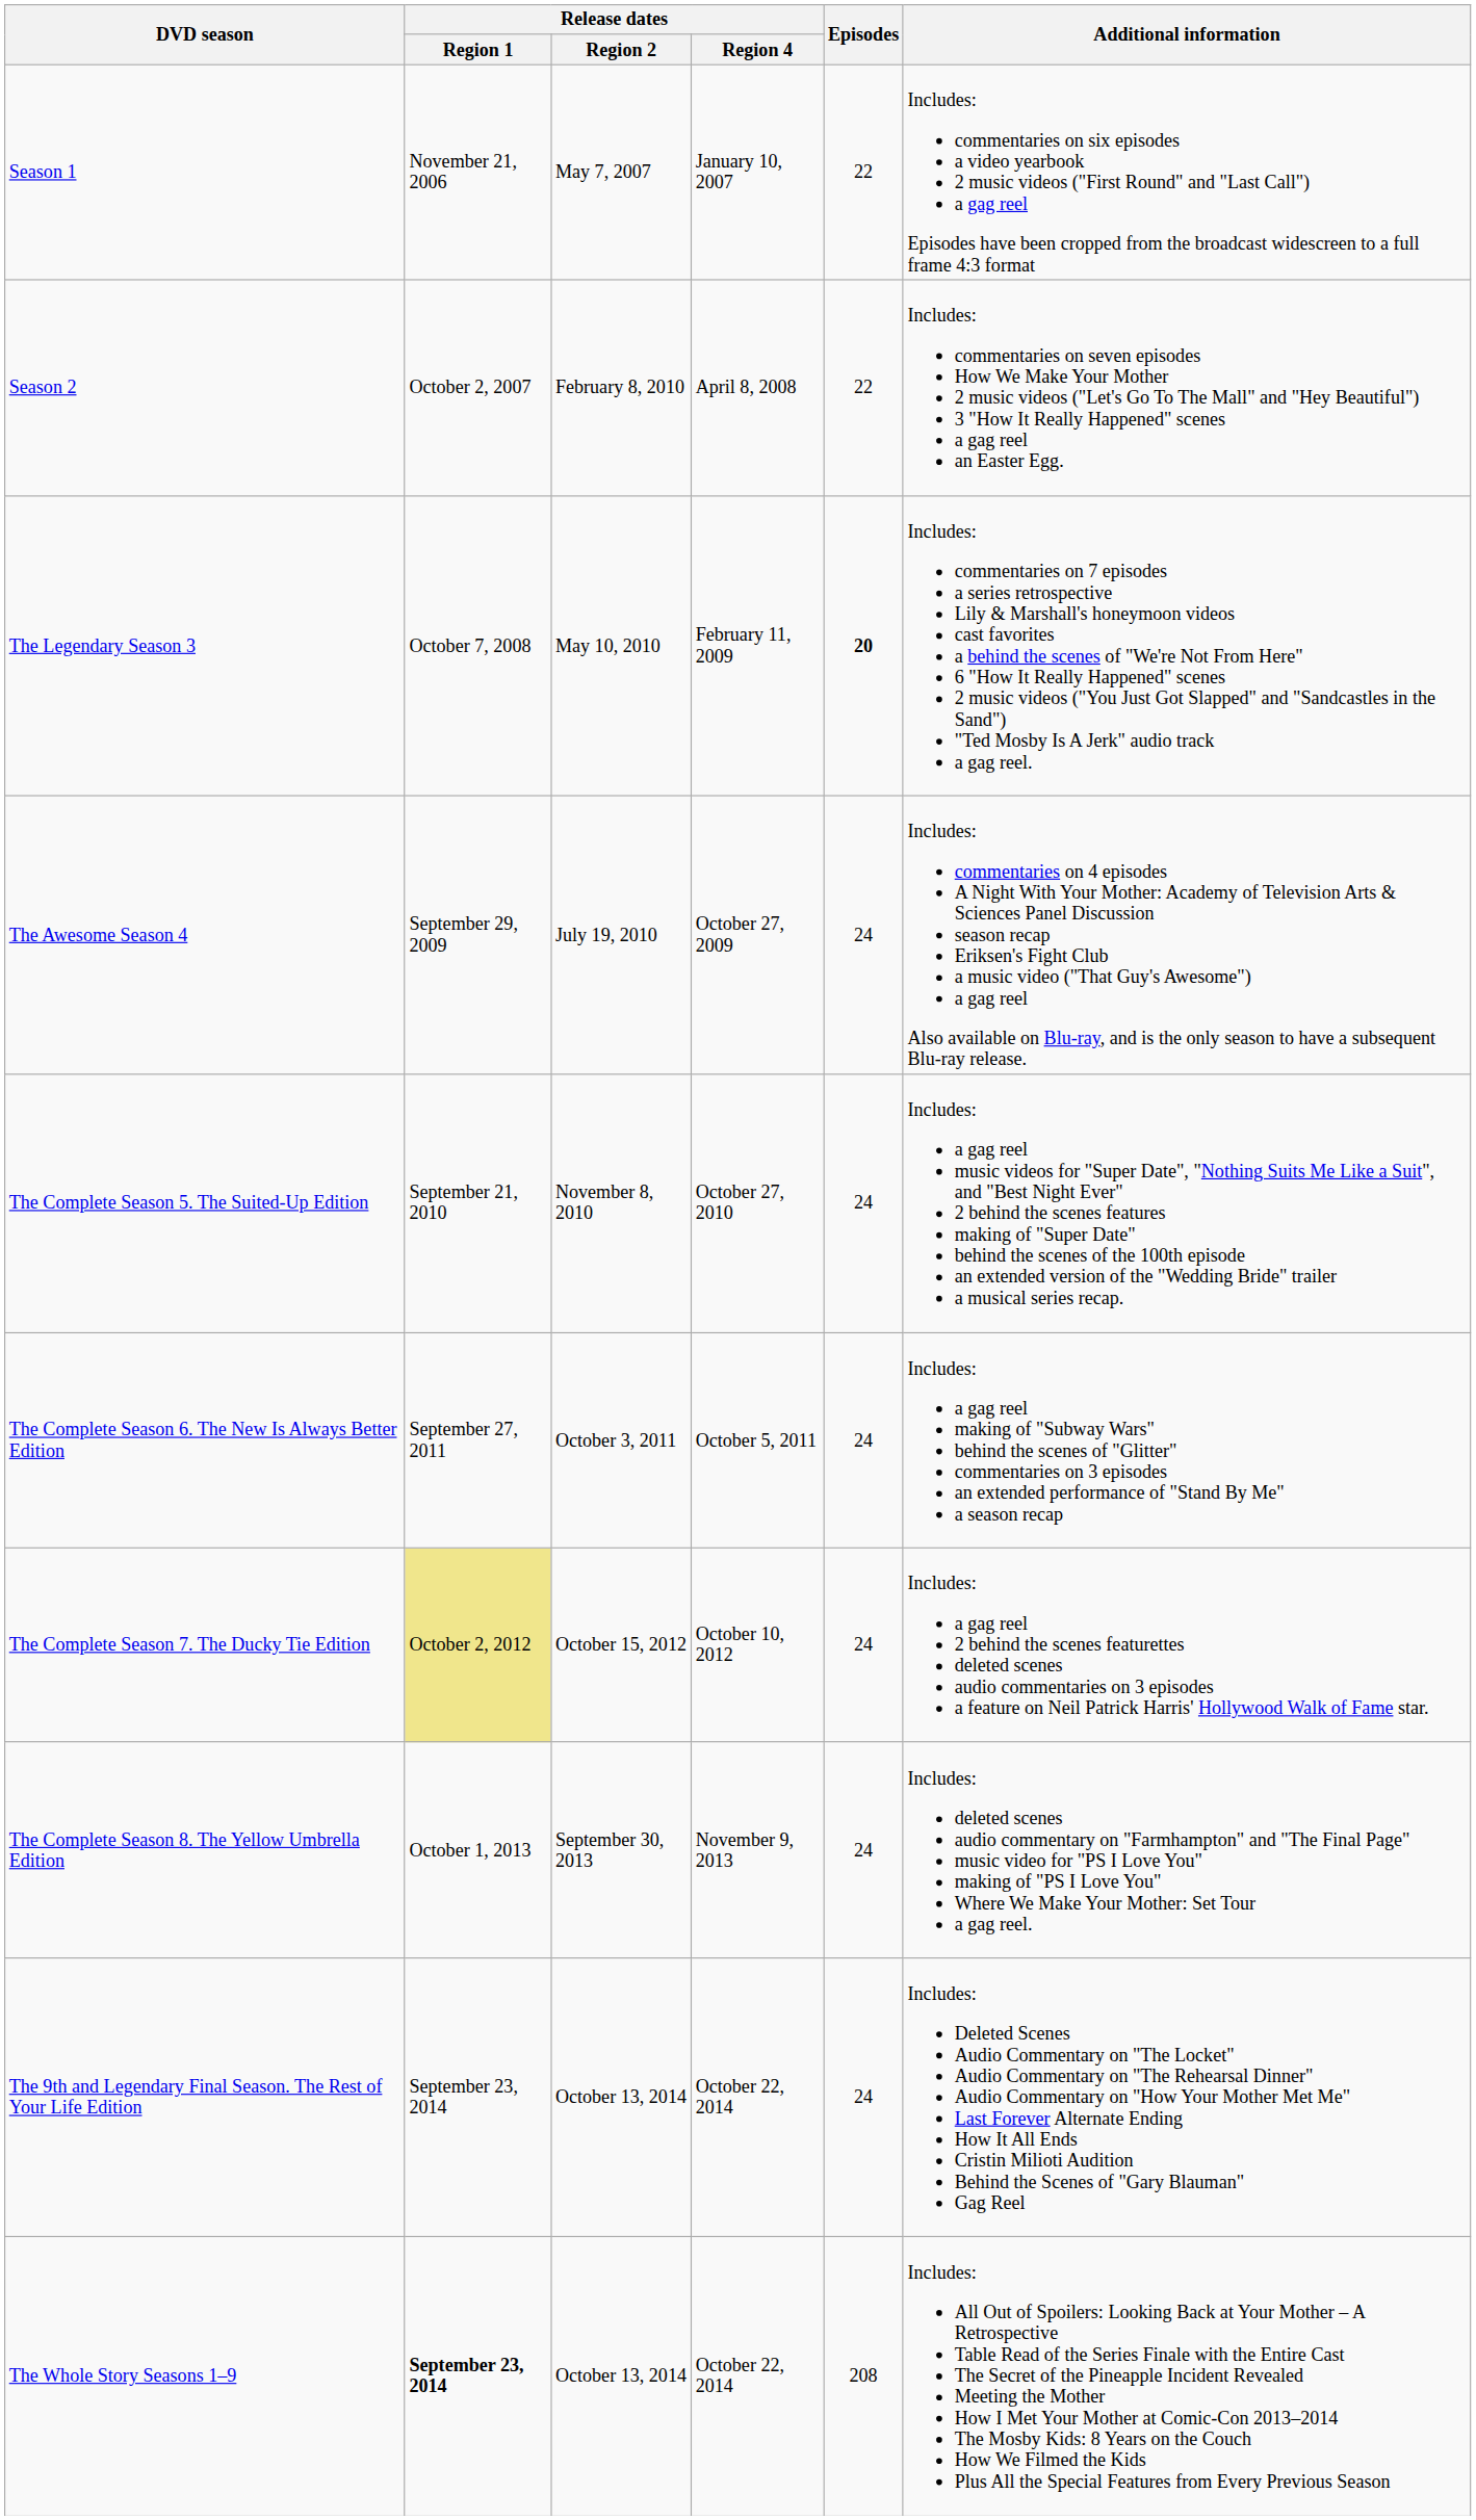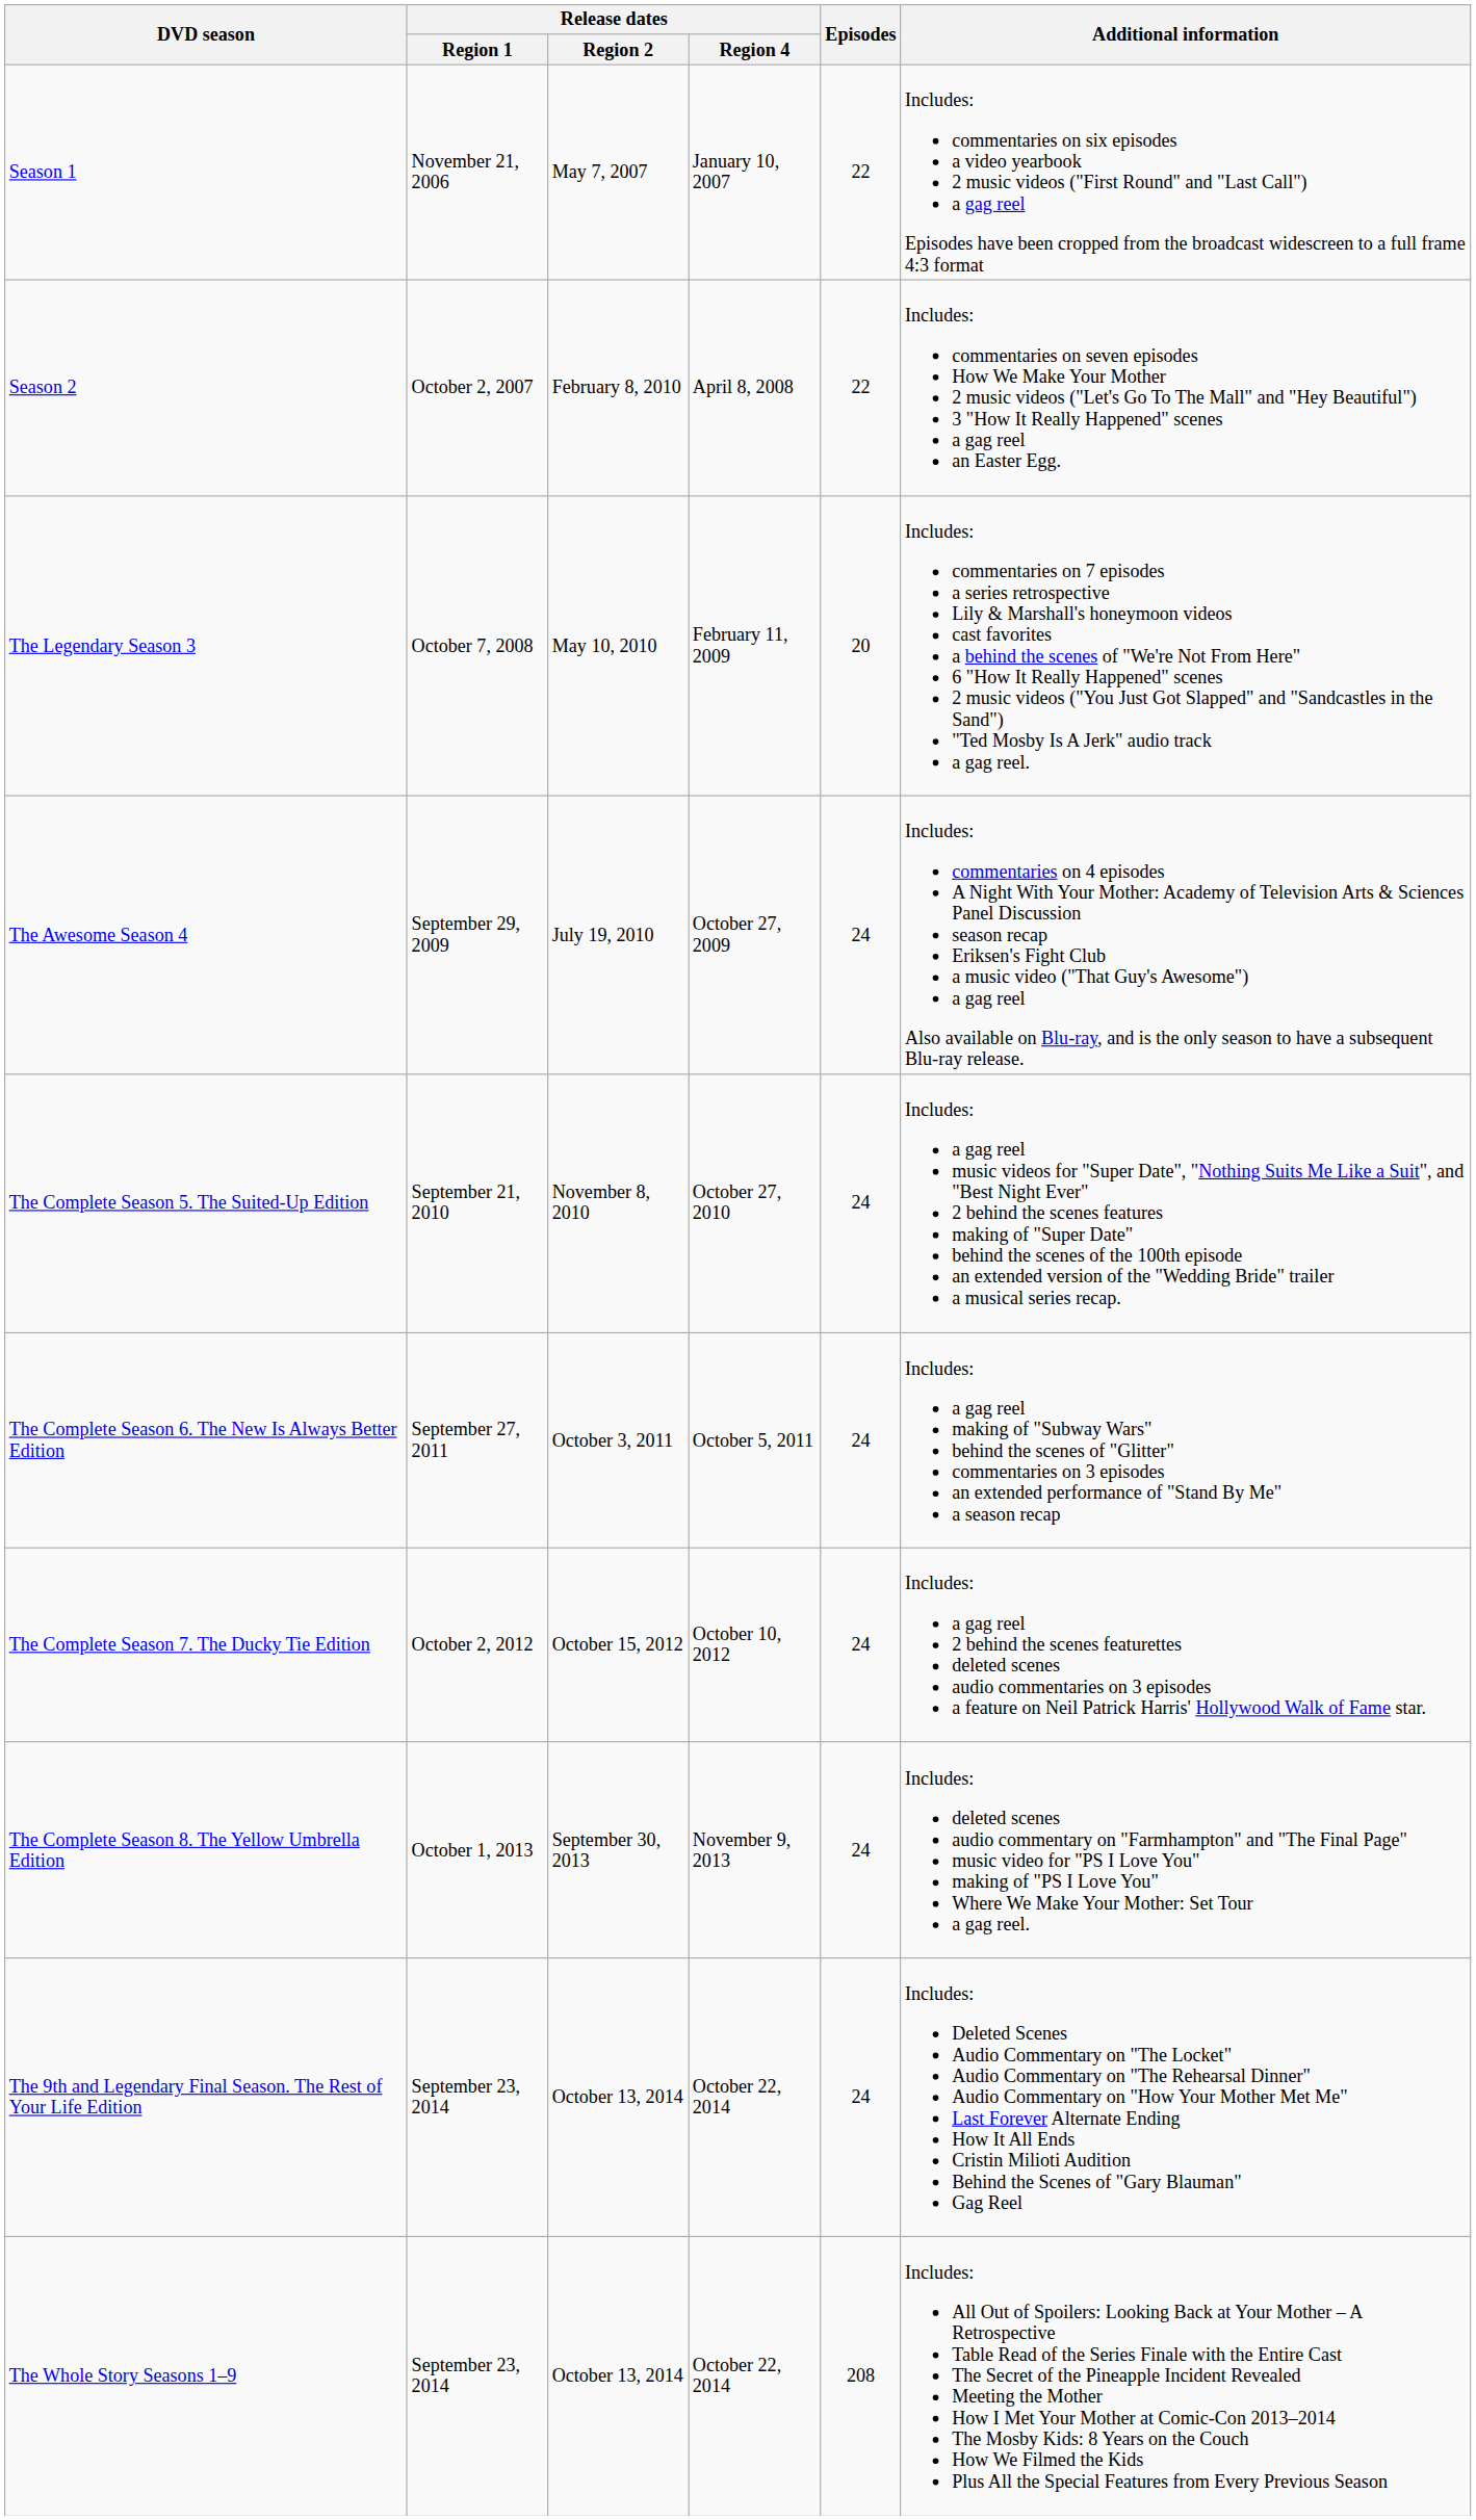 <table class="wikitable">
 <tr>
 <th rowspan=2>DVD season</th>
 <th colspan=3>Release dates</th>
 <th rowspan=2>Episodes</th>
 <th rowspan=2>Additional information</th>
 </tr>
 <tr>
 <th>Region 1</th>
 <th>Region 2</th>
 <th>Region 4</th>
 </tr>
 <tr>
 <td><a href='#'>Season 1</a></td>
 <td>November 21, 2006</td>
 <td>May 7, 2007</td>
 <td>January 10, 2007</td>
 <td style="text-align:center;">22</td>
 <td><br>Includes:<ul><li>commentaries on six episodes</li><li>a video yearbook</li><li>2 music videos ("First Round" and "Last Call")</li><li>a <a href='#'>gag reel</a></li></ul>Episodes have been cropped from the broadcast widescreen to a full frame 4:3 format</td>
 </tr>
 <tr>
 <td><a href='#'>Season 2</a></td>
 <td>October 2, 2007</td>
 <td>February 8, 2010</td>
 <td>April 8, 2008</td>
 <td style="text-align:center;">22</td>
 <td><br>Includes:<ul><li>commentaries on seven episodes</li><li>How We Make Your Mother</li><li>2 music videos ("Let's Go To The Mall" and "Hey Beautiful")</li><li>3 "How It Really Happened" scenes</li><li>a gag reel</li><li>an Easter Egg.</li></ul></td>
 </tr>
 <tr>
 <td><a href='#'>The Legendary Season 3</a></td>
 <td>October 7, 2008</td>
 <td>May 10, 2010</td>
 <td>February 11, 2009</td>
-<td style="text-align:center;"><strong>20</strong></td>
+<td style="text-align:center;">20</td>
 <td><br>Includes:<ul><li>commentaries on 7 episodes</li><li>a series retrospective</li><li>Lily & Marshall's honeymoon videos</li><li>cast favorites</li><li>a <a href='#'>behind the scenes</a> of "We're Not From Here"</li><li>6 "How It Really Happened" scenes</li><li>2 music videos ("You Just Got Slapped" and "Sandcastles in the Sand")</li><li>"Ted Mosby Is A Jerk" audio track</li><li>a gag reel.</li></ul></td>
 </tr>
 <tr>
 <td><a href='#'>The Awesome Season 4</a></td>
 <td>September 29, 2009</td>
 <td>July 19, 2010</td>
 <td>October 27, 2009</td>
 <td style="text-align:center;">24</td>
 <td><br>Includes:<ul><li><a href='#'>commentaries</a> on 4 episodes</li><li>A Night With Your Mother: Academy of Television Arts & Sciences Panel Discussion</li><li>season recap</li><li>Eriksen's Fight Club</li><li>a music video ("That Guy's Awesome")</li><li>a gag reel</li></ul>Also available on <a href='#'>Blu-ray</a>, and is the only season to have a subsequent Blu-ray release.</td>
 </tr>
 <tr>
 <td><a href='#'>The Complete Season 5. The Suited-Up Edition</a></td>
 <td>September 21, 2010</td>
 <td>November 8, 2010</td>
 <td>October 27, 2010</td>
 <td style="text-align:center;">24</td>
 <td><br>Includes:<ul><li>a gag reel</li><li>music videos for "Super Date", "<a href='#'>Nothing Suits Me Like a Suit</a>", and "Best Night Ever"</li><li>2 behind the scenes features</li><li>making of "Super Date"</li><li>behind the scenes of the 100th episode</li><li>an extended version of the "Wedding Bride" trailer</li><li>a musical series recap.</li></ul></td>
 </tr>
 <tr>
 <td><a href='#'>The Complete Season 6. The New Is Always Better Edition</a></td>
 <td>September 27, 2011</td>
 <td>October 3, 2011</td>
 <td>October 5, 2011</td>
 <td style="text-align:center;">24</td>
 <td><br>Includes:<ul><li>a gag reel</li><li>making of "Subway Wars"</li><li>behind the scenes of "Glitter"</li><li>commentaries on 3 episodes</li><li>an extended performance of "Stand By Me"</li><li>a season recap</li></ul></td>
 </tr>
 <tr>
 <td><a href='#'>The Complete Season 7. The Ducky Tie Edition</a></td>
-<td style="background: khaki;">October 2, 2012</td>
+<td>October 2, 2012</td>
 <td>October 15, 2012</td>
 <td>October 10, 2012</td>
 <td style="text-align:center;">24</td>
 <td><br>Includes:<ul><li>a gag reel</li><li>2 behind the scenes featurettes</li><li>deleted scenes</li><li>audio commentaries on 3 episodes</li><li>a feature on Neil Patrick Harris' <a href='#'>Hollywood Walk of Fame</a> star.</li></ul></td>
 </tr>
 <tr>
 <td><a href='#'>The Complete Season 8. The Yellow Umbrella Edition</a></td>
 <td>October 1, 2013</td>
 <td>September 30, 2013</td>
 <td>November 9, 2013</td>
 <td style="text-align:center;">24</td>
 <td><br>Includes:<ul><li>deleted scenes</li><li>audio commentary on "Farmhampton" and "The Final Page"</li><li>music video for "PS I Love You"</li><li>making of "PS I Love You"</li><li>Where We Make Your Mother: Set Tour</li><li>a gag reel.</li></ul></td>
 </tr>
 <tr>
 <td><a href='#'>The 9th and Legendary Final Season. The Rest of Your Life Edition</a></td>
 <td>September 23, 2014</td>
 <td>October 13, 2014</td>
 <td>October 22, 2014</td>
 <td style="text-align:center;">24</td>
 <td><br>Includes:<ul><li>Deleted Scenes</li><li>Audio Commentary on "The Locket"</li><li>Audio Commentary on "The Rehearsal Dinner"</li><li>Audio Commentary on "How Your Mother Met Me"</li><li><a href='#'>Last Forever</a> Alternate Ending</li><li>How It All Ends</li><li>Cristin Milioti Audition</li><li>Behind the Scenes of "Gary Blauman"</li><li>Gag Reel</li></ul></td>
 </tr>
 <tr>
 <td><a href='#'>The Whole Story Seasons 1–9</a></td>
-<td><strong>September 23, 2014</strong></td>
+<td>September 23, 2014</td>
 <td>October 13, 2014</td>
 <td>October 22, 2014</td>
 <td style="text-align:center;">208</td>
 <td><br>Includes:<ul><li>All Out of Spoilers: Looking Back at Your Mother – A Retrospective</li><li>Table Read of the Series Finale with the Entire Cast</li><li>The Secret of the Pineapple Incident Revealed</li><li>Meeting the Mother</li><li>How I Met Your Mother at Comic-Con 2013–2014</li><li>The Mosby Kids: 8 Years on the Couch</li><li>How We Filmed the Kids</li><li>Plus All the Special Features from Every Previous Season</li></ul></td>
 </tr>
 </table>
